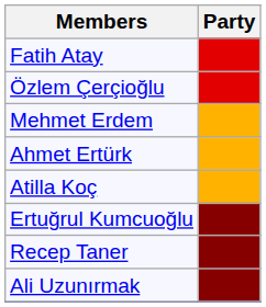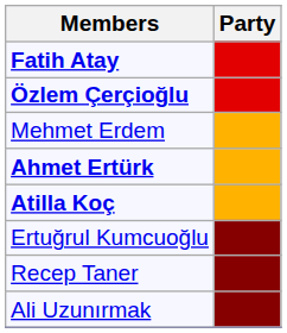 <table class=wikitable style="border:1px solid #8888aa; background-color:#f7f8ff; padding:0px; font-size:90%;">
 <tr>
 <th>Members</th>
 <th colspan="2">Party</th>
 </tr>
 <tr>
-<td><a href='#'>Fatih Atay</a></td>
+<td><strong><a href='#'>Fatih Atay</a></strong></td>
 <td style="background: #e30000"></td>
 </tr>
 <tr>
-<td><a href='#'>Özlem Çerçioğlu</a></td>
+<td><strong><a href='#'>Özlem Çerçioğlu</a></strong></td>
 <td style="background: #e30000"></td>
 </tr>
 <tr>
 <td><a href='#'>Mehmet Erdem</a></td>
 <td style="background: #ffb300"></td>
 </tr>
 <tr>
-<td><a href='#'>Ahmet Ertürk</a></td>
+<td><strong><a href='#'>Ahmet Ertürk</a></strong></td>
 <td style="background: #ffb300"></td>
 </tr>
 <tr>
-<td><a href='#'>Atilla Koç</a></td>
+<td><strong><a href='#'>Atilla Koç</a></strong></td>
 <td style="background: #ffb300"></td>
 </tr>
 <tr>
 <td><a href='#'>Ertuğrul Kumcuoğlu</a></td>
 <td style="background: #870000"></td>
 </tr>
 <tr>
 <td><a href='#'>Recep Taner</a></td>
 <td style="background: #870000"></td>
 </tr>
 <tr>
 <td><a href='#'>Ali Uzunırmak</a></td>
 <td style="background: #870000"></td>
 </tr>
 <tr>
 </tr>
 </table>
